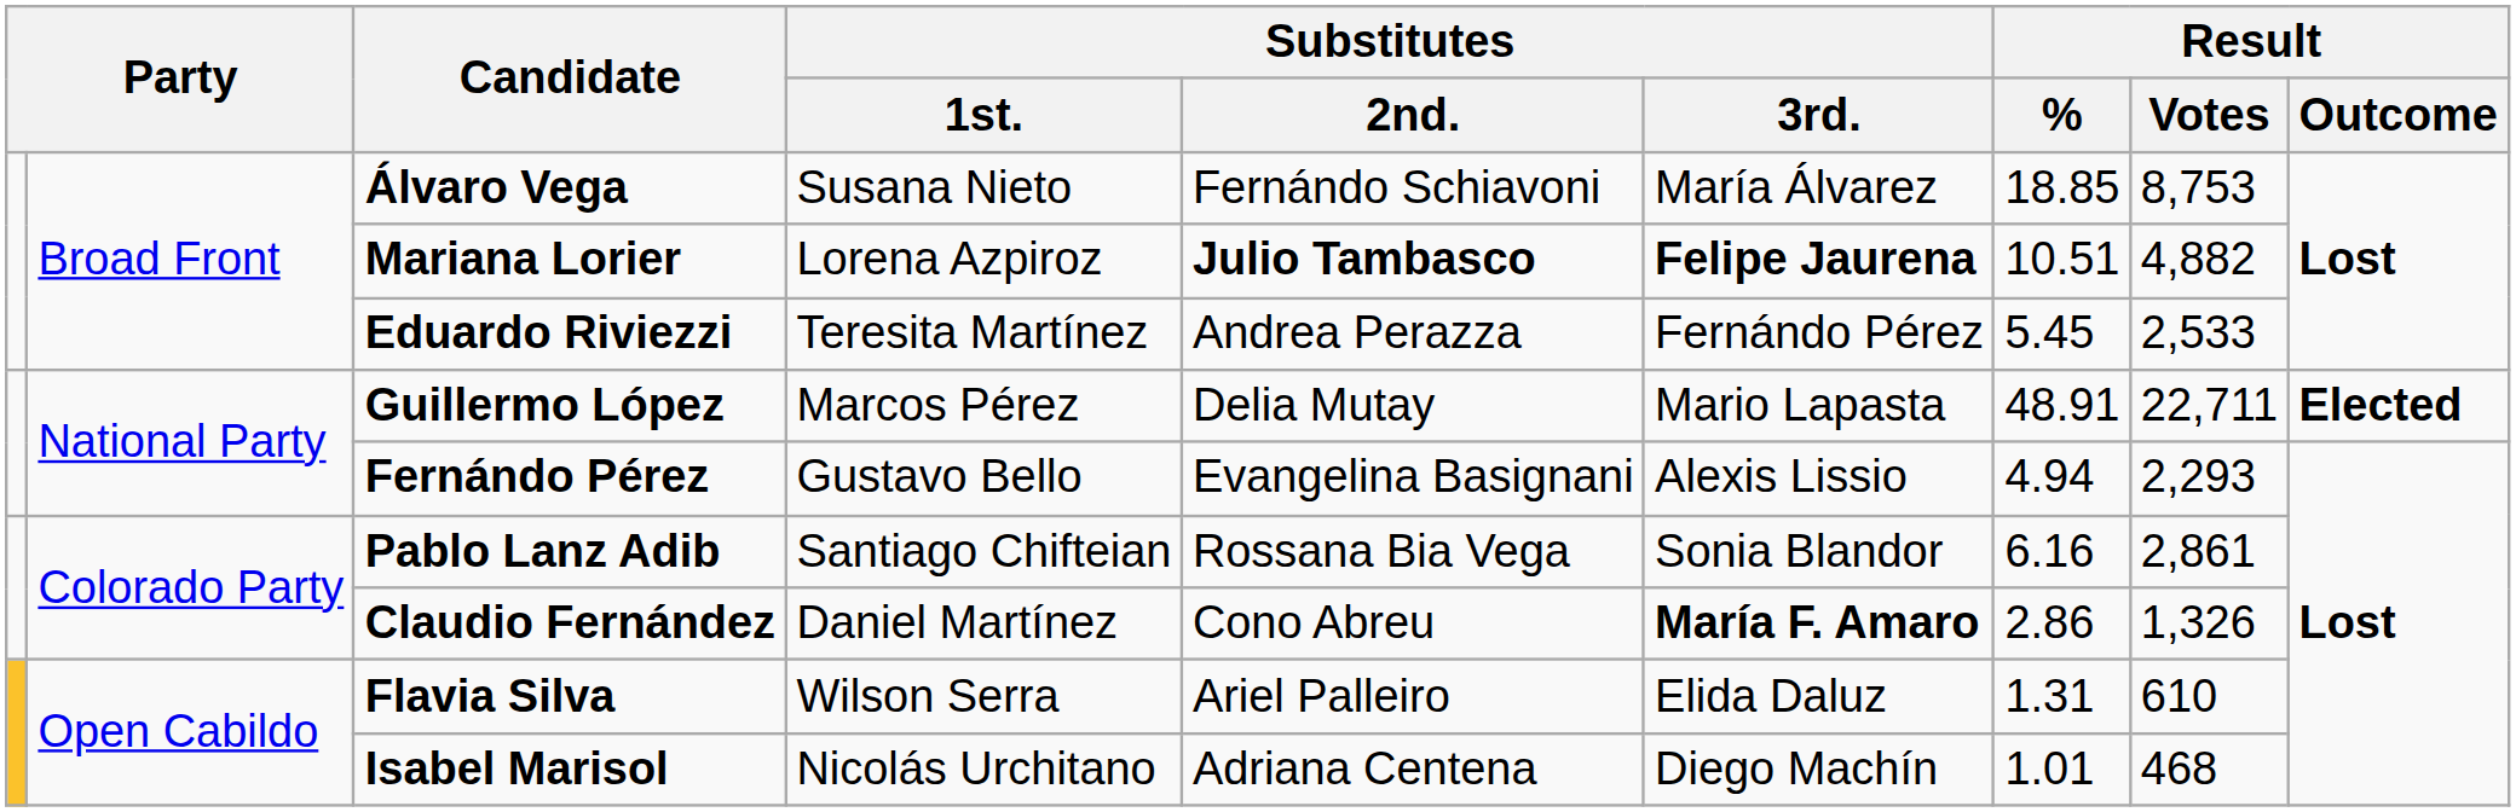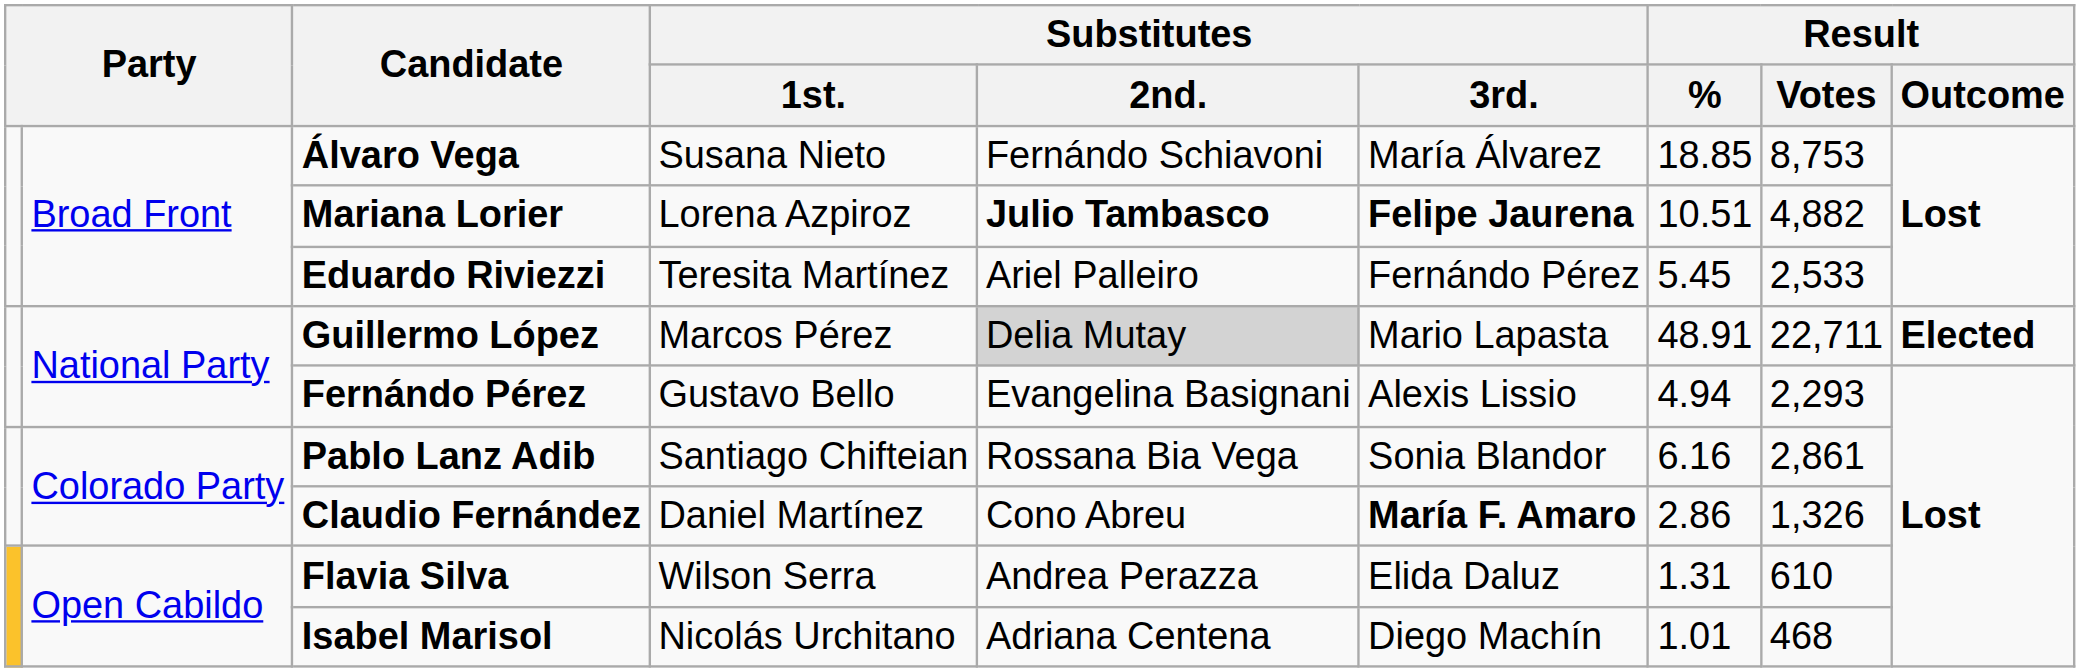 <table class="wikitable">
 <tr>
 <th colspan="2" rowspan="2">Party</th>
 <th rowspan="2">Candidate</th>
 <th colspan="3">Substitutes</th>
 <th colspan="3">Result</th>
 </tr>
 <tr>
 <th>1st.</th>
 <th>2nd.</th>
 <th>3rd.</th>
 <th>%</th>
 <th>Votes</th>
 <th>Outcome</th>
 </tr>
 <tr>
 <td rowspan="3" style="background:"></td>
 <td rowspan="3"><a href='#'>Broad Front</a></td>
 <td><strong>Álvaro Vega</strong></td>
 <td>Susana Nieto</td>
 <td>Fernándo Schiavoni</td>
 <td>María Álvarez</td>
 <td>18.85</td>
 <td>8,753</td>
 <td rowspan="3"><strong>Lost</strong> </td>
 </tr>
 <tr>
 <td><strong>Mariana Lorier</strong></td>
 <td>Lorena Azpiroz</td>
 <td><strong>Julio Tambasco</strong></td>
 <td><strong>Felipe Jaurena</strong></td>
 <td>10.51</td>
 <td>4,882</td>
 </tr>
 <tr>
 <td><strong>Eduardo Riviezzi</strong></td>
 <td>Teresita Martínez</td>
-<td>Andrea Perazza</td>
+<td>Ariel Palleiro</td>
 <td>Fernándo Pérez</td>
 <td>5.45</td>
 <td>2,533</td>
 </tr>
 <tr>
 <td rowspan="2" style="background:"></td>
 <td rowspan="2"><a href='#'>National Party</a></td>
 <td><strong>Guillermo López</strong></td>
 <td>Marcos Pérez</td>
-<td>Delia Mutay</td>
+<td style="background: lightgrey;">Delia Mutay</td>
 <td>Mario Lapasta</td>
 <td>48.91</td>
 <td>22,711</td>
 <td><strong>Elected</strong> </td>
 </tr>
 <tr>
 <td><strong>Fernándo Pérez</strong></td>
 <td>Gustavo Bello</td>
 <td>Evangelina Basignani</td>
 <td>Alexis Lissio</td>
 <td>4.94</td>
 <td>2,293</td>
 <td rowspan="5"><strong>Lost</strong> </td>
 </tr>
 <tr>
 <td rowspan="2" style="background:"></td>
 <td rowspan="2"><a href='#'>Colorado Party</a></td>
 <td><strong>Pablo Lanz Adib</strong></td>
 <td>Santiago Chifteian</td>
 <td>Rossana Bia Vega</td>
 <td>Sonia Blandor</td>
 <td>6.16</td>
 <td>2,861</td>
 </tr>
 <tr>
 <td><strong>Claudio Fernández</strong></td>
 <td>Daniel Martínez</td>
 <td>Cono Abreu</td>
 <td><strong>María F. Amaro</strong></td>
 <td>2.86</td>
 <td>1,326</td>
 </tr>
 <tr>
 <td rowspan="2" style="background:#FBC22B"></td>
 <td rowspan="2"><a href='#'>Open Cabildo</a></td>
 <td><strong>Flavia Silva</strong></td>
 <td>Wilson Serra</td>
-<td>Ariel Palleiro</td>
+<td>Andrea Perazza</td>
 <td>Elida Daluz</td>
 <td>1.31</td>
 <td>610</td>
 </tr>
 <tr>
 <td><strong>Isabel Marisol</strong></td>
 <td>Nicolás Urchitano</td>
 <td>Adriana Centena</td>
 <td>Diego Machín</td>
 <td>1.01</td>
 <td>468</td>
 </tr>
 </table>
